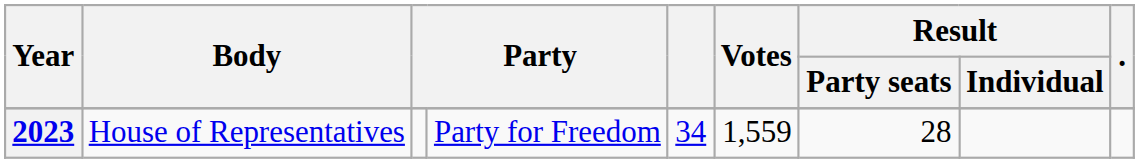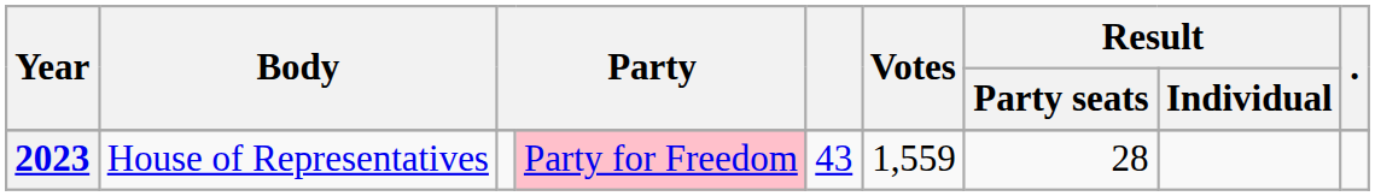 <table class="wikitable plainrowheaders sortable" border=2 cellpadding=4 cellspacing=0 style="border: 1px #aaa solid; font-size: 90%; text-align:center;">
 <tr>
 <th scope="col" rowspan=2>Year</th>
 <th scope="col" rowspan=2>Body</th>
 <th scope="col" colspan=2 rowspan=2>Party</th>
 <th scope="col" rowspan=2></th>
 <th scope="col" rowspan=2>Votes</th>
 <th scope="colgroup" colspan=2>Result</th>
 <th scope="col" rowspan=2 class="unsortable">.</th>
 </tr>
 <tr>
 <th scope="col">Party seats</th>
 <th scope="col">Individual</th>
 </tr>
 <tr>
 </tr>
 <tr>
 <th scope="row"><a href='#'>2023</a></th>
 <td><a href='#'>House of Representatives</a></td>
 <td style="background-color:"></td>
-<td><a href='#'>Party for Freedom</a></td>
-<td style=text-align:right><a href='#'>34</a></td>
+<td style="background: pink;"><a href='#'>Party for Freedom</a></td>
+<td style=text-align:right><a href='#'>43</a></td>
 <td style=text-align:right>1,559</td>
 <td style=text-align:right>28</td>
 <td></td>
 <td></td>
 </tr>
 </table>
